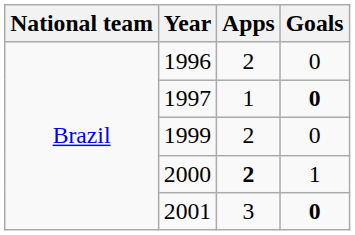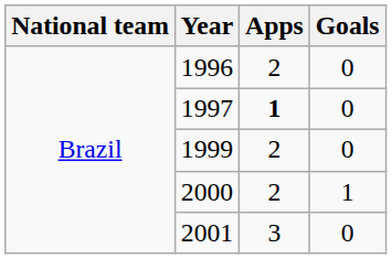 <table class="wikitable" style="text-align:center">
 <tr>
 <th>National team</th>
 <th>Year</th>
 <th>Apps</th>
 <th>Goals</th>
 </tr>
 <tr>
 <td rowspan="13"><a href='#'>Brazil</a></td>
 <td>1996</td>
 <td>2</td>
 <td>0</td>
 </tr>
 <tr>
 <td>1997</td>
-<td>1</td>
-<td><strong>0</strong></td>
+<td><strong>1</strong></td>
+<td>0</td>
 </tr>
 <tr>
 <td>1999</td>
 <td>2</td>
 <td>0</td>
 </tr>
 <tr>
 <td>2000</td>
-<td><strong>2</strong></td>
+<td>2</td>
 <td>1</td>
 </tr>
 <tr>
 <td>2001</td>
 <td>3</td>
-<td><strong>0</strong></td>
+<td>0</td>
 </tr>
 </table>
